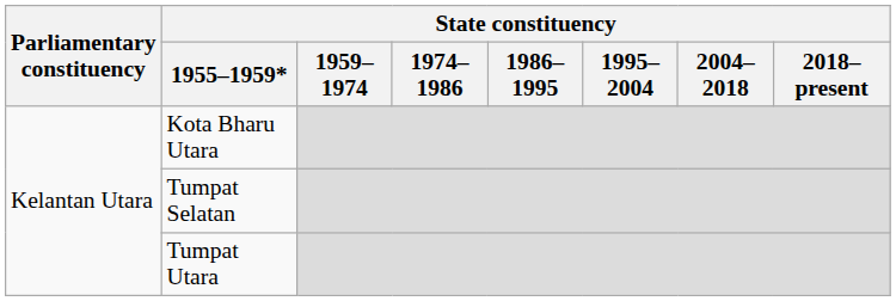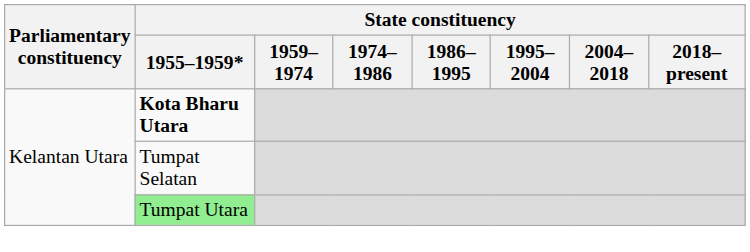 <table class="wikitable">
 <tr>
 <th rowspan="2">Parliamentary<br>constituency</th>
 <th colspan="7">State constituency</th>
 </tr>
 <tr>
 <th>1955–1959*</th>
 <th>1959–1974</th>
 <th>1974–1986</th>
 <th>1986–1995</th>
 <th>1995–2004</th>
 <th>2004–2018</th>
 <th>2018–present</th>
 </tr>
 <tr>
 <td rowspan="3">Kelantan Utara</td>
-<td>Kota Bharu Utara</td>
+<td><strong>Kota Bharu Utara</strong></td>
 <td colspan="6" bgcolor="dcdcdc"></td>
 </tr>
 <tr>
 <td>Tumpat Selatan</td>
 <td colspan="6" bgcolor="dcdcdc"></td>
 </tr>
 <tr>
-<td>Tumpat Utara</td>
+<td style="background: lightgreen;">Tumpat Utara</td>
 <td colspan="6" bgcolor="dcdcdc"></td>
 </tr>
 </table>
